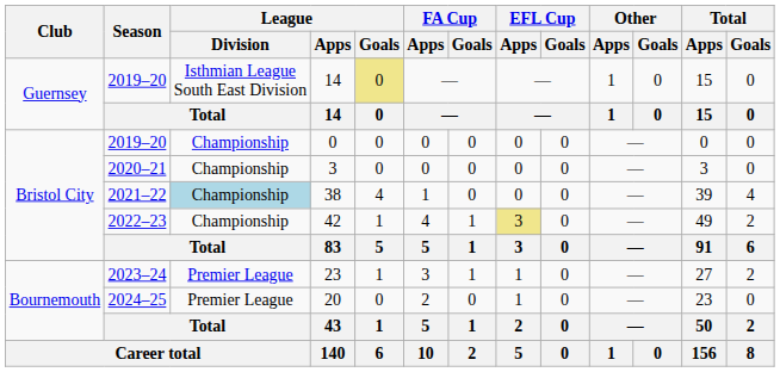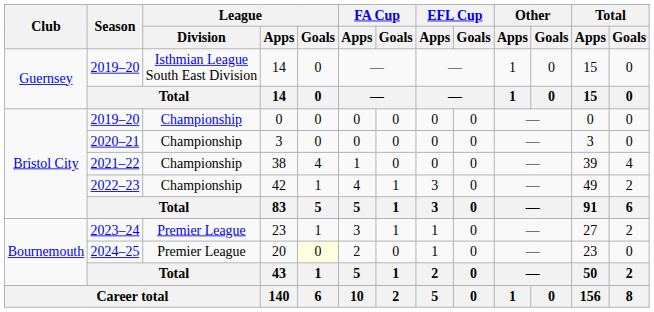 <table class=wikitable style="text-align: center;">
 <tr>
 <th rowspan=2>Club</th>
 <th rowspan=2>Season</th>
 <th colspan=3>League</th>
 <th colspan=2><a href='#'>FA Cup</a></th>
 <th colspan=2><a href='#'>EFL Cup</a></th>
 <th colspan=2>Other</th>
 <th colspan=2>Total</th>
 </tr>
 <tr>
 <th>Division</th>
 <th>Apps</th>
 <th>Goals</th>
 <th>Apps</th>
 <th>Goals</th>
 <th>Apps</th>
 <th>Goals</th>
 <th>Apps</th>
 <th>Goals</th>
 <th>Apps</th>
 <th>Goals</th>
 </tr>
 <tr>
 <td rowspan=2><a href='#'>Guernsey</a></td>
 <td><a href='#'>2019–20</a></td>
 <td><a href='#'>Isthmian League</a><br>South East Division</td>
 <td>14</td>
-<td style="background: khaki;">0</td>
+<td>0</td>
 <td colspan=2>—</td>
 <td colspan=2>—</td>
 <td>1</td>
 <td>0</td>
 <td>15</td>
 <td>0</td>
 </tr>
 <tr>
 <th colspan=2>Total</th>
 <th>14</th>
 <th>0</th>
 <th colspan=2>—</th>
 <th colspan=2>—</th>
 <th>1</th>
 <th>0</th>
 <th>15</th>
 <th>0</th>
 </tr>
 <tr>
 <td rowspan=5><a href='#'>Bristol City</a></td>
 <td><a href='#'>2019–20</a></td>
 <td><a href='#'>Championship</a></td>
 <td>0</td>
 <td>0</td>
 <td>0</td>
 <td>0</td>
 <td>0</td>
 <td>0</td>
 <td colspan=2>—</td>
 <td>0</td>
 <td>0</td>
 </tr>
 <tr>
 <td><a href='#'>2020–21</a></td>
 <td>Championship</td>
 <td>3</td>
 <td>0</td>
 <td>0</td>
 <td>0</td>
 <td>0</td>
 <td>0</td>
 <td colspan=2>—</td>
 <td>3</td>
 <td>0</td>
 </tr>
 <tr>
 <td><a href='#'>2021–22</a></td>
-<td style="background: lightblue;">Championship</td>
+<td>Championship</td>
 <td>38</td>
 <td>4</td>
 <td>1</td>
 <td>0</td>
 <td>0</td>
 <td>0</td>
 <td colspan=2>—</td>
 <td>39</td>
 <td>4</td>
 </tr>
 <tr>
 <td><a href='#'>2022–23</a></td>
 <td>Championship</td>
 <td>42</td>
 <td>1</td>
 <td>4</td>
 <td>1</td>
-<td style="background: khaki;">3</td>
+<td>3</td>
 <td>0</td>
 <td colspan=2>—</td>
 <td>49</td>
 <td>2</td>
 </tr>
 <tr>
 <th colspan=2>Total</th>
 <th>83</th>
 <th>5</th>
 <th>5</th>
 <th>1</th>
 <th>3</th>
 <th>0</th>
 <th colspan=2>—</th>
 <th>91</th>
 <th>6</th>
 </tr>
 <tr>
 <td rowspan=3><a href='#'>Bournemouth</a></td>
 <td><a href='#'>2023–24</a></td>
 <td><a href='#'>Premier League</a></td>
 <td>23</td>
 <td>1</td>
 <td>3</td>
 <td>1</td>
 <td>1</td>
 <td>0</td>
 <td colspan=2>—</td>
 <td>27</td>
 <td>2</td>
 </tr>
 <tr>
 <td><a href='#'>2024–25</a></td>
 <td>Premier League</td>
 <td>20</td>
-<td>0</td>
+<td style="background: lightyellow;">0</td>
 <td>2</td>
 <td>0</td>
 <td>1</td>
 <td>0</td>
 <td colspan=2>—</td>
 <td>23</td>
 <td>0</td>
 </tr>
 <tr>
 <th colspan=2>Total</th>
 <th>43</th>
 <th>1</th>
 <th>5</th>
 <th>1</th>
 <th>2</th>
 <th>0</th>
 <th colspan=2>—</th>
 <th>50</th>
 <th>2</th>
 </tr>
 <tr>
 <th colspan=3>Career total</th>
 <th>140</th>
 <th>6</th>
 <th>10</th>
 <th>2</th>
 <th>5</th>
 <th>0</th>
 <th>1</th>
 <th>0</th>
 <th>156</th>
 <th>8</th>
 </tr>
 </table>
